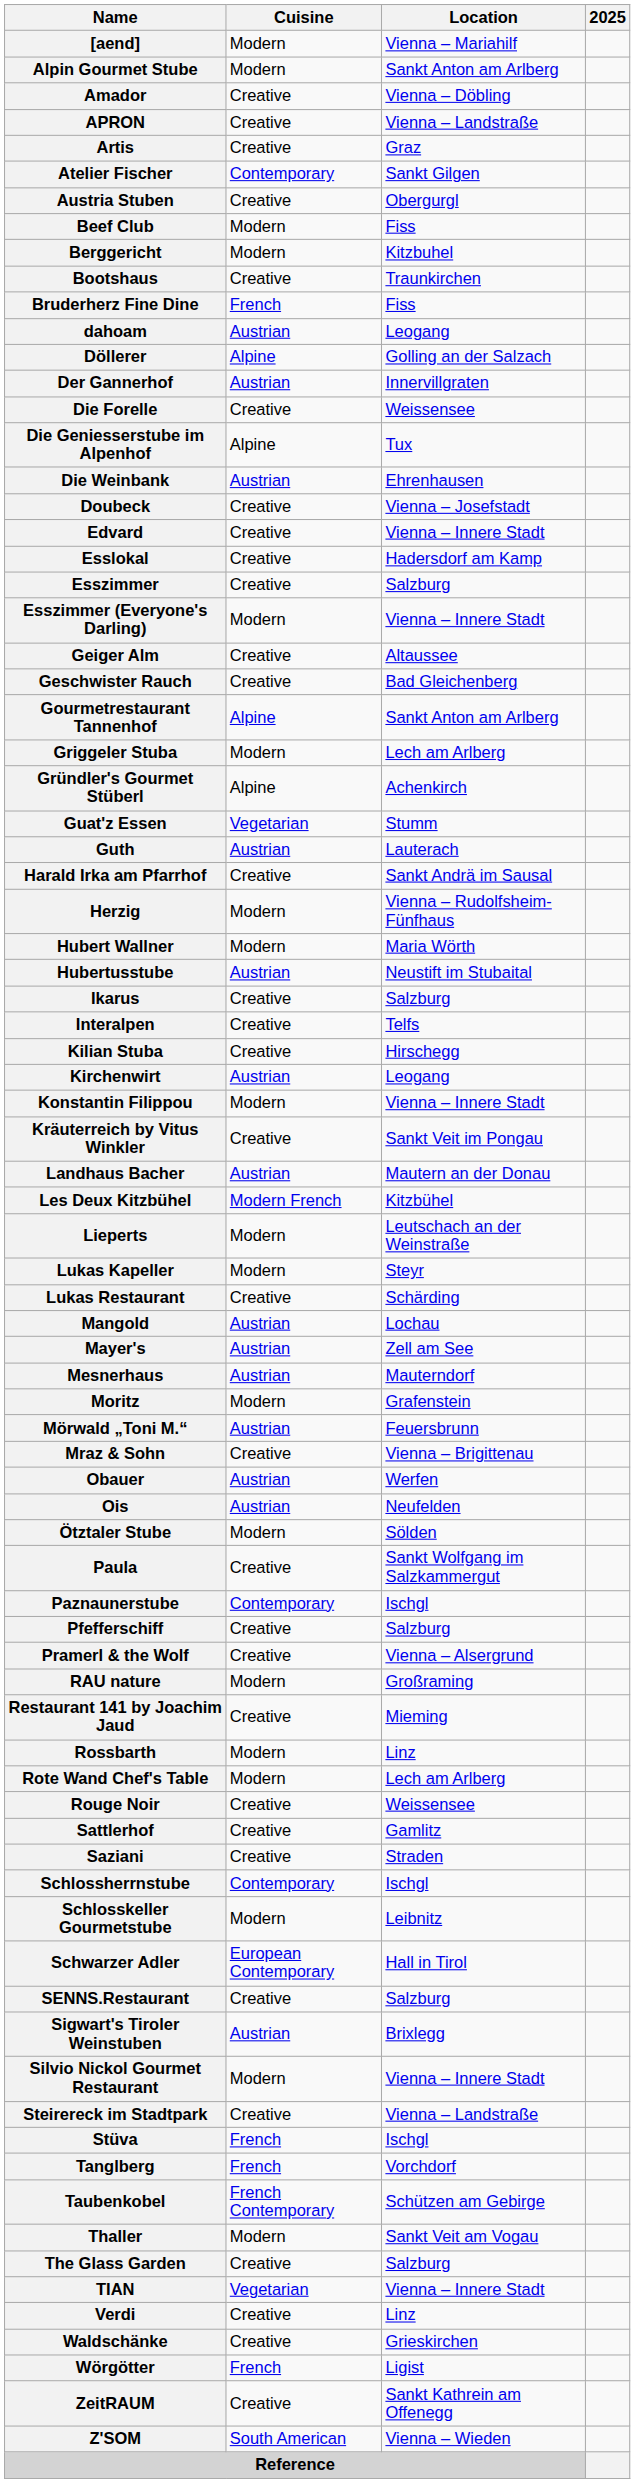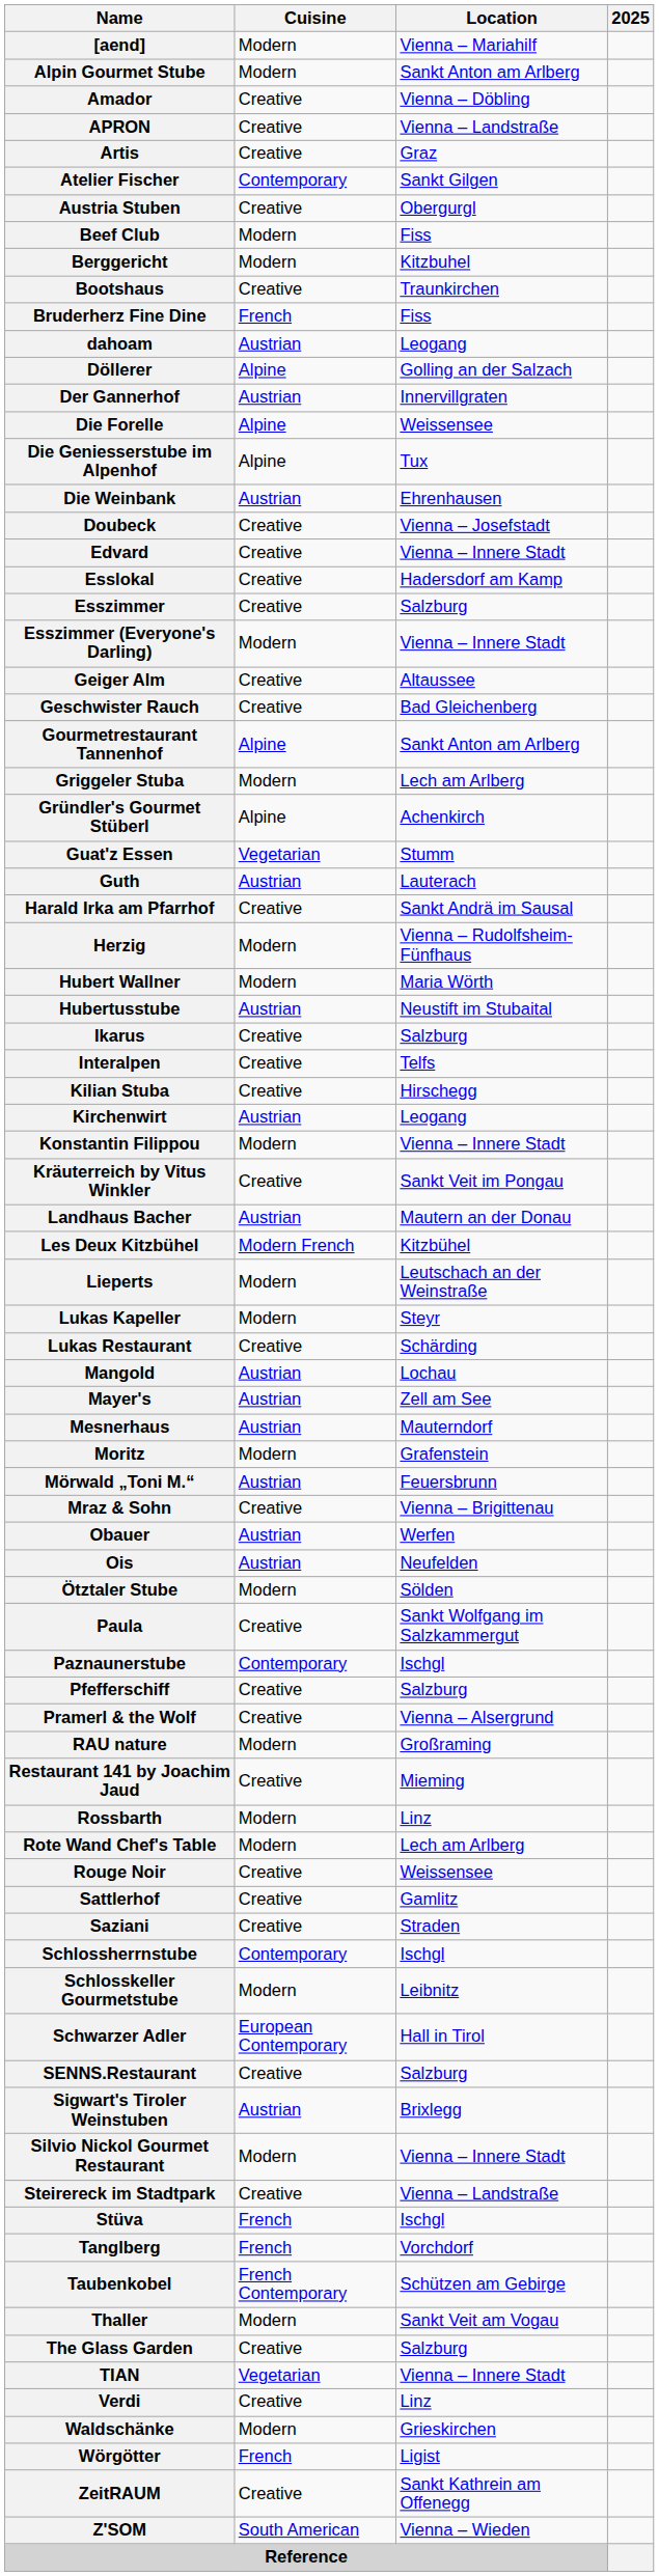 <table class="wikitable sortable plainrowheaders" style="text-align:left;"">
 <tr>
 <th scope="col">Name</th>
 <th scope="col">Cuisine</th>
 <th scope="col">Location</th>
 <th scope="col">2025</th>
 </tr>
 <tr>
 <th scope="row">[aend]</th>
 <td>Modern</td>
 <td><a href='#'>Vienna – Mariahilf</a></td>
 <td></td>
 </tr>
 <tr>
 <th scope="row">Alpin Gourmet Stube</th>
 <td>Modern</td>
 <td><a href='#'>Sankt Anton am Arlberg</a></td>
 <td></td>
 </tr>
 <tr>
 <th scope="row">Amador</th>
 <td>Creative</td>
 <td><a href='#'>Vienna – Döbling</a></td>
 <td></td>
 </tr>
 <tr>
 <th scope="row">APRON</th>
 <td>Creative</td>
 <td><a href='#'>Vienna – Landstraße</a></td>
 <td></td>
 </tr>
 <tr>
 <th scope="row">Artis</th>
 <td>Creative</td>
 <td><a href='#'>Graz</a></td>
 <td></td>
 </tr>
 <tr>
 <th scope="row">Atelier Fischer</th>
 <td><a href='#'>Contemporary</a></td>
 <td><a href='#'>Sankt Gilgen</a></td>
 <td></td>
 </tr>
 <tr>
 <th scope="row">Austria Stuben</th>
 <td>Creative</td>
 <td><a href='#'>Obergurgl</a></td>
 <td></td>
 </tr>
 <tr>
 <th scope="row">Beef Club</th>
 <td>Modern</td>
 <td><a href='#'>Fiss</a></td>
 <td></td>
 </tr>
 <tr>
 <th scope="row">Berggericht</th>
 <td>Modern</td>
 <td><a href='#'>Kitzbuhel</a></td>
 <td></td>
 </tr>
 <tr>
 <th scope="row">Bootshaus</th>
 <td>Creative</td>
 <td><a href='#'>Traunkirchen</a></td>
 <td></td>
 </tr>
 <tr>
 <th scope="row">Bruderherz Fine Dine</th>
 <td><a href='#'>French</a></td>
 <td><a href='#'>Fiss</a></td>
 <td></td>
 </tr>
 <tr>
 <th scope="row">dahoam</th>
 <td><a href='#'>Austrian</a></td>
 <td><a href='#'>Leogang</a></td>
 <td></td>
 </tr>
 <tr>
 <th scope="row">Döllerer</th>
 <td><a href='#'>Alpine</a></td>
 <td><a href='#'>Golling an der Salzach</a></td>
 <td></td>
 </tr>
 <tr>
 <th scope="row">Der Gannerhof</th>
 <td><a href='#'>Austrian</a></td>
 <td><a href='#'>Innervillgraten</a></td>
 <td></td>
 </tr>
 <tr>
 <th scope="row">Die Forelle</th>
-<td>Creative</td>
+<td><a href='#'>Alpine</a></td>
 <td><a href='#'>Weissensee</a></td>
 <td></td>
 </tr>
 <tr>
 <th scope="row">Die Geniesserstube im Alpenhof</th>
 <td>Alpine</td>
 <td><a href='#'>Tux</a></td>
 <td></td>
 </tr>
 <tr>
 <th scope="row">Die Weinbank</th>
 <td><a href='#'>Austrian</a></td>
 <td><a href='#'>Ehrenhausen</a></td>
 <td></td>
 </tr>
 <tr>
 <th scope="row">Doubeck</th>
 <td>Creative</td>
 <td><a href='#'>Vienna – Josefstadt</a></td>
 <td></td>
 </tr>
 <tr>
 <th scope="row">Edvard</th>
 <td>Creative</td>
 <td><a href='#'>Vienna – Innere Stadt</a></td>
 <td></td>
 </tr>
 <tr>
 <th scope="row">Esslokal</th>
 <td>Creative</td>
 <td><a href='#'>Hadersdorf am Kamp</a></td>
 <td></td>
 </tr>
 <tr>
 <th scope="row">Esszimmer</th>
 <td>Creative</td>
 <td><a href='#'>Salzburg</a></td>
 <td></td>
 </tr>
 <tr>
 <th scope="row">Esszimmer (Everyone's Darling)</th>
 <td>Modern</td>
 <td><a href='#'>Vienna – Innere Stadt</a></td>
 <td></td>
 </tr>
 <tr>
 <th scope="row">Geiger Alm</th>
 <td>Creative</td>
 <td><a href='#'>Altaussee</a></td>
 <td></td>
 </tr>
 <tr>
 <th scope="row">Geschwister Rauch</th>
 <td>Creative</td>
 <td><a href='#'>Bad Gleichenberg</a></td>
 <td></td>
 </tr>
 <tr>
 <th scope="row">Gourmetrestaurant Tannenhof</th>
 <td><a href='#'>Alpine</a></td>
 <td><a href='#'>Sankt Anton am Arlberg</a></td>
 <td></td>
 </tr>
 <tr>
 <th scope="row">Griggeler Stuba</th>
 <td>Modern</td>
 <td><a href='#'>Lech am Arlberg</a></td>
 <td></td>
 </tr>
 <tr>
 <th scope="row">Gründler's Gourmet Stüberl</th>
 <td>Alpine</td>
 <td><a href='#'>Achenkirch</a></td>
 <td></td>
 </tr>
 <tr>
 <th scope="row">Guat'z Essen</th>
 <td><a href='#'>Vegetarian</a></td>
 <td><a href='#'>Stumm</a></td>
 <td></td>
 </tr>
 <tr>
 <th scope="row">Guth</th>
 <td><a href='#'>Austrian</a></td>
 <td><a href='#'>Lauterach</a></td>
 <td></td>
 </tr>
 <tr>
 <th scope="row">Harald Irka am Pfarrhof</th>
 <td>Creative</td>
 <td><a href='#'>Sankt Andrä im Sausal</a></td>
 <td></td>
 </tr>
 <tr>
 <th scope="row">Herzig</th>
 <td>Modern</td>
 <td><a href='#'>Vienna – Rudolfsheim-Fünfhaus</a></td>
 <td></td>
 </tr>
 <tr>
 <th scope="row">Hubert Wallner</th>
 <td>Modern</td>
 <td><a href='#'>Maria Wörth</a></td>
 <td></td>
 </tr>
 <tr>
 <th scope="row">Hubertusstube</th>
 <td><a href='#'>Austrian</a></td>
 <td><a href='#'>Neustift im Stubaital</a></td>
 <td></td>
 </tr>
 <tr>
 <th scope="row">Ikarus</th>
 <td>Creative</td>
 <td><a href='#'>Salzburg</a></td>
 <td></td>
 </tr>
 <tr>
 <th scope="row">Interalpen</th>
 <td>Creative</td>
 <td><a href='#'>Telfs</a></td>
 <td></td>
 </tr>
 <tr>
 <th scope="row">Kilian Stuba</th>
 <td>Creative</td>
 <td><a href='#'>Hirschegg</a></td>
 <td></td>
 </tr>
 <tr>
 <th scope="row">Kirchenwirt</th>
 <td><a href='#'>Austrian</a></td>
 <td><a href='#'>Leogang</a></td>
 <td></td>
 </tr>
 <tr>
 <th scope="row">Konstantin Filippou</th>
 <td>Modern</td>
 <td><a href='#'>Vienna – Innere Stadt</a></td>
 <td></td>
 </tr>
 <tr>
 <th scope="row">Kräuterreich by Vitus Winkler</th>
 <td>Creative</td>
 <td><a href='#'>Sankt Veit im Pongau</a></td>
 <td></td>
 </tr>
 <tr>
 <th scope="row">Landhaus Bacher</th>
 <td><a href='#'>Austrian</a></td>
 <td><a href='#'>Mautern an der Donau</a></td>
 <td></td>
 </tr>
 <tr>
 <th scope="row">Les Deux Kitzbühel</th>
 <td><a href='#'>Modern French</a></td>
 <td><a href='#'>Kitzbühel</a></td>
 <td></td>
 </tr>
 <tr>
 <th scope="row">Lieperts</th>
 <td>Modern</td>
 <td><a href='#'>Leutschach an der Weinstraße</a></td>
 <td></td>
 </tr>
 <tr>
 <th scope="row">Lukas Kapeller</th>
 <td>Modern</td>
 <td><a href='#'>Steyr</a></td>
 <td></td>
 </tr>
 <tr>
 <th scope="row">Lukas Restaurant</th>
 <td>Creative</td>
 <td><a href='#'>Schärding</a></td>
 <td></td>
 </tr>
 <tr>
 <th scope="row">Mangold</th>
 <td><a href='#'>Austrian</a></td>
 <td><a href='#'>Lochau</a></td>
 <td></td>
 </tr>
 <tr>
 <th scope="row">Mayer's</th>
 <td><a href='#'>Austrian</a></td>
 <td><a href='#'>Zell am See</a></td>
 <td></td>
 </tr>
 <tr>
 <th scope="row">Mesnerhaus</th>
 <td><a href='#'>Austrian</a></td>
 <td><a href='#'>Mauterndorf</a></td>
 <td></td>
 </tr>
 <tr>
 <th scope="row">Moritz</th>
 <td>Modern</td>
 <td><a href='#'>Grafenstein</a></td>
 <td></td>
 </tr>
 <tr>
 <th scope="row">Mörwald „Toni M.“</th>
 <td><a href='#'>Austrian</a></td>
 <td><a href='#'>Feuersbrunn</a></td>
 <td></td>
 </tr>
 <tr>
 <th scope="row">Mraz & Sohn</th>
 <td>Creative</td>
 <td><a href='#'>Vienna – Brigittenau</a></td>
 <td></td>
 </tr>
 <tr>
 <th scope="row">Obauer</th>
 <td><a href='#'>Austrian</a></td>
 <td><a href='#'>Werfen</a></td>
 <td></td>
 </tr>
 <tr>
 <th scope="row">Ois</th>
 <td><a href='#'>Austrian</a></td>
 <td><a href='#'>Neufelden</a></td>
 <td></td>
 </tr>
 <tr>
 <th scope="row">Ötztaler Stube</th>
 <td>Modern</td>
 <td><a href='#'>Sölden</a></td>
 <td></td>
 </tr>
 <tr>
 <th scope="row">Paula</th>
 <td>Creative</td>
 <td><a href='#'>Sankt Wolfgang im Salzkammergut</a></td>
 <td></td>
 </tr>
 <tr>
 <th scope="row">Paznaunerstube</th>
 <td><a href='#'>Contemporary</a></td>
 <td><a href='#'>Ischgl</a></td>
 <td></td>
 </tr>
 <tr>
 <th scope="row">Pfefferschiff</th>
 <td>Creative</td>
 <td><a href='#'>Salzburg</a></td>
 <td></td>
 </tr>
 <tr>
 <th scope="row">Pramerl & the Wolf</th>
 <td>Creative</td>
 <td><a href='#'>Vienna – Alsergrund</a></td>
 <td></td>
 </tr>
 <tr>
 <th scope="row">RAU nature</th>
 <td>Modern</td>
 <td><a href='#'>Großraming</a></td>
 <td></td>
 </tr>
 <tr>
 <th scope="row">Restaurant 141 by Joachim Jaud</th>
 <td>Creative</td>
 <td><a href='#'>Mieming</a></td>
 <td></td>
 </tr>
 <tr>
 <th scope="row">Rossbarth</th>
 <td>Modern</td>
 <td><a href='#'>Linz</a></td>
 <td></td>
 </tr>
 <tr>
 <th scope="row">Rote Wand Chef's Table</th>
 <td>Modern</td>
 <td><a href='#'>Lech am Arlberg</a></td>
 <td></td>
 </tr>
 <tr>
 <th scope="row">Rouge Noir</th>
 <td>Creative</td>
 <td><a href='#'>Weissensee</a></td>
 <td></td>
 </tr>
 <tr>
 <th scope="row">Sattlerhof</th>
 <td>Creative</td>
 <td><a href='#'>Gamlitz</a></td>
 <td></td>
 </tr>
 <tr>
 <th scope="row">Saziani</th>
 <td>Creative</td>
 <td><a href='#'>Straden</a></td>
 <td></td>
 </tr>
 <tr>
 <th scope="row">Schlossherrnstube</th>
 <td><a href='#'>Contemporary</a></td>
 <td><a href='#'>Ischgl</a></td>
 <td></td>
 </tr>
 <tr>
 <th scope="row">Schlosskeller Gourmetstube</th>
 <td>Modern</td>
 <td><a href='#'>Leibnitz</a></td>
 <td></td>
 </tr>
 <tr>
 <th scope="row">Schwarzer Adler</th>
 <td><a href='#'>European Contemporary</a></td>
 <td><a href='#'>Hall in Tirol</a></td>
 <td></td>
 </tr>
 <tr>
 <th scope="row">SENNS.Restaurant</th>
 <td>Creative</td>
 <td><a href='#'>Salzburg</a></td>
 <td></td>
 </tr>
 <tr>
 <th scope="row">Sigwart's Tiroler Weinstuben</th>
 <td><a href='#'>Austrian</a></td>
 <td><a href='#'>Brixlegg</a></td>
 <td></td>
 </tr>
 <tr>
 <th scope="row">Silvio Nickol Gourmet Restaurant</th>
 <td>Modern</td>
 <td><a href='#'>Vienna – Innere Stadt</a></td>
 <td></td>
 </tr>
 <tr>
 <th scope="row">Steirereck im Stadtpark</th>
 <td>Creative</td>
 <td><a href='#'>Vienna – Landstraße</a></td>
 <td></td>
 </tr>
 <tr>
 <th scope="row">Stüva</th>
 <td><a href='#'>French</a></td>
 <td><a href='#'>Ischgl</a></td>
 <td></td>
 </tr>
 <tr>
 <th scope="row">Tanglberg</th>
 <td><a href='#'>French</a></td>
 <td><a href='#'>Vorchdorf</a></td>
 <td></td>
 </tr>
 <tr>
 <th scope="row">Taubenkobel</th>
 <td><a href='#'>French Contemporary</a></td>
 <td><a href='#'>Schützen am Gebirge</a></td>
 <td></td>
 </tr>
 <tr>
 <th scope="row">Thaller</th>
 <td>Modern</td>
 <td><a href='#'>Sankt Veit am Vogau</a></td>
 <td></td>
 </tr>
 <tr>
 <th scope="row">The Glass Garden</th>
 <td>Creative</td>
 <td><a href='#'>Salzburg</a></td>
 <td></td>
 </tr>
 <tr>
 <th scope="row">TIAN</th>
 <td><a href='#'>Vegetarian</a></td>
 <td><a href='#'>Vienna – Innere Stadt</a></td>
 <td></td>
 </tr>
 <tr>
 <th scope="row">Verdi</th>
 <td>Creative</td>
 <td><a href='#'>Linz</a></td>
 <td></td>
 </tr>
 <tr>
 <th scope="row">Waldschänke</th>
-<td>Creative</td>
+<td>Modern</td>
 <td><a href='#'>Grieskirchen</a></td>
 <td></td>
 </tr>
 <tr>
 <th scope="row">Wörgötter</th>
 <td><a href='#'>French</a></td>
 <td><a href='#'>Ligist</a></td>
 <td></td>
 </tr>
 <tr>
 <th scope="row">ZeitRAUM</th>
 <td>Creative</td>
 <td><a href='#'>Sankt Kathrein am Offenegg</a></td>
 <td></td>
 </tr>
 <tr>
 <th scope="row">Z'SOM</th>
 <td><a href='#'>South American</a></td>
 <td><a href='#'>Vienna – Wieden</a></td>
 <td></td>
 </tr>
 <tr>
 <th colspan="3" style="text-align: center;background: lightgray;">Reference</th>
 <th></th>
 </tr>
 <tr>
 </tr>
 </table>
